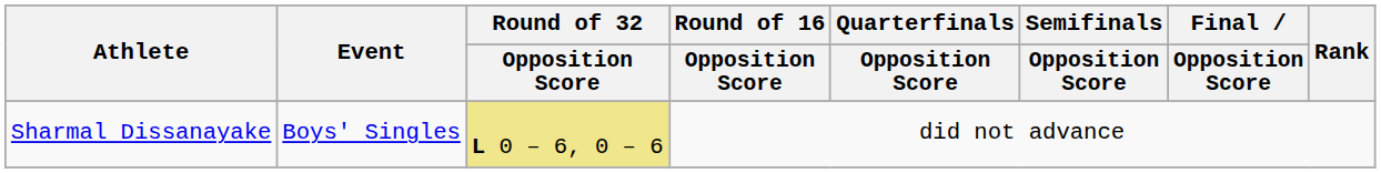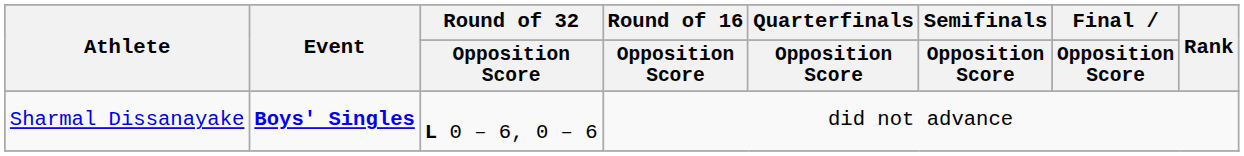 <table class=wikitable style="font-size:90%">
 <tr>
 <th rowspan="2">Athlete</th>
 <th rowspan="2">Event</th>
 <th>Round of 32</th>
 <th>Round of 16</th>
 <th>Quarterfinals</th>
 <th>Semifinals</th>
 <th>Final / </th>
 <th rowspan=2>Rank</th>
 </tr>
 <tr style="font-size:95%">
 <th>Opposition<br>Score</th>
 <th>Opposition<br>Score</th>
 <th>Opposition<br>Score</th>
 <th>Opposition<br>Score</th>
 <th>Opposition<br>Score</th>
 </tr>
 <tr align=center>
 <td align=left><a href='#'>Sharmal Dissanayake</a></td>
-<td align=left><a href='#'>Boys' Singles</a></td>
-<td style="background: khaki;"><br><strong>L</strong> 0 – 6, 0 – 6</td>
+<td align=left><strong><a href='#'>Boys' Singles</a></strong></td>
+<td><br><strong>L</strong> 0 – 6, 0 – 6</td>
 <td colspan=5>did not advance</td>
 </tr>
 </table>
